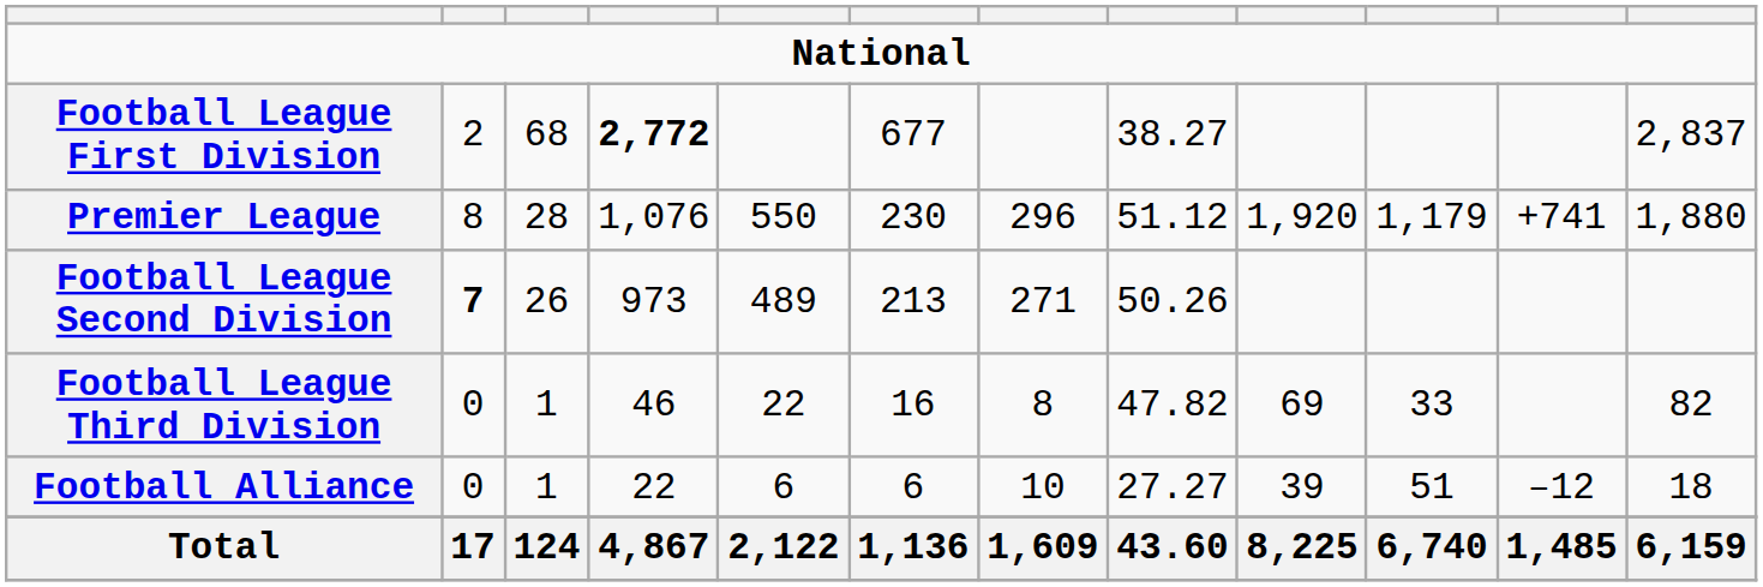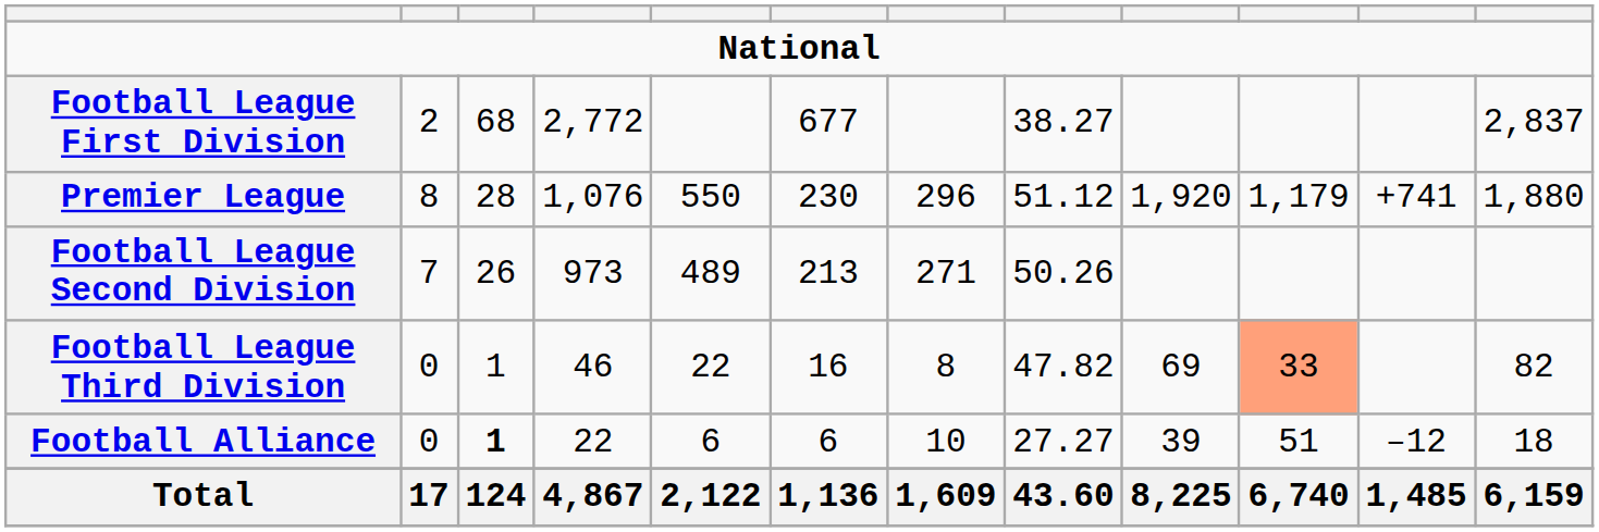 <table class="wikitable sortable plainrowheaders" style="text-align:center">
 <tr>
 <th class="unsortable" scope="col"></th>
 <th scope="col"></th>
 <th scope="col"></th>
 <th scope="col"></th>
 <th scope="col"></th>
 <th scope="col"></th>
 <th scope="col"></th>
 <th scope="col"></th>
 <th scope="col"></th>
 <th scope="col"></th>
 <th scope="col"></th>
 <th scope="col"></th>
 </tr>
 <tr>
 <td colspan="12"><strong>National</strong></td>
 </tr>
 <tr>
 <th align="left" scope="row"><a href='#'>Football League First Division</a></th>
 <td>2</td>
 <td>68</td>
-<td><strong>2,772</strong></td>
+<td>2,772</td>
 <td></td>
 <td>677</td>
 <td></td>
 <td>38.27</td>
 <td></td>
 <td></td>
 <td></td>
 <td>2,837</td>
 </tr>
 <tr>
 <th align="left" scope="row"><a href='#'>Premier League</a></th>
 <td>8</td>
 <td>28</td>
 <td>1,076</td>
 <td>550</td>
 <td>230</td>
 <td>296</td>
 <td>51.12</td>
 <td>1,920</td>
 <td>1,179</td>
 <td>+741</td>
 <td>1,880</td>
 </tr>
 <tr>
 <th align="left" scope="row"><a href='#'>Football League Second Division</a></th>
-<td><strong>7</strong></td>
+<td>7</td>
 <td>26</td>
 <td>973</td>
 <td>489</td>
 <td>213</td>
 <td>271</td>
 <td>50.26</td>
 <td></td>
 <td></td>
 <td></td>
 <td></td>
 </tr>
 <tr>
 <th align="left" scope="row"><a href='#'>Football League Third Division</a></th>
 <td>0</td>
 <td>1</td>
 <td>46</td>
 <td>22</td>
 <td>16</td>
 <td>8</td>
 <td>47.82</td>
 <td>69</td>
-<td>33</td>
+<td style="background: lightsalmon;">33</td>
 <td></td>
 <td>82</td>
 </tr>
 <tr>
 <th align="left" scope="row"><a href='#'>Football Alliance</a></th>
 <td>0</td>
-<td>1</td>
+<td><strong>1</strong></td>
 <td>22</td>
 <td>6</td>
 <td>6</td>
 <td>10</td>
 <td>27.27</td>
 <td>39</td>
 <td>51</td>
 <td>–12</td>
 <td>18</td>
 </tr>
 <tr>
 </tr>
 <tr class="sortbottom">
 <th scope="row"><strong>Total</strong></th>
 <th>17</th>
 <th>124</th>
 <th>4,867</th>
 <th>2,122</th>
 <th>1,136</th>
 <th>1,609</th>
 <th>43.60</th>
 <th>8,225</th>
 <th>6,740</th>
 <th>1,485</th>
 <th>6,159</th>
 </tr>
 <tr>
 </tr>
 </table>
